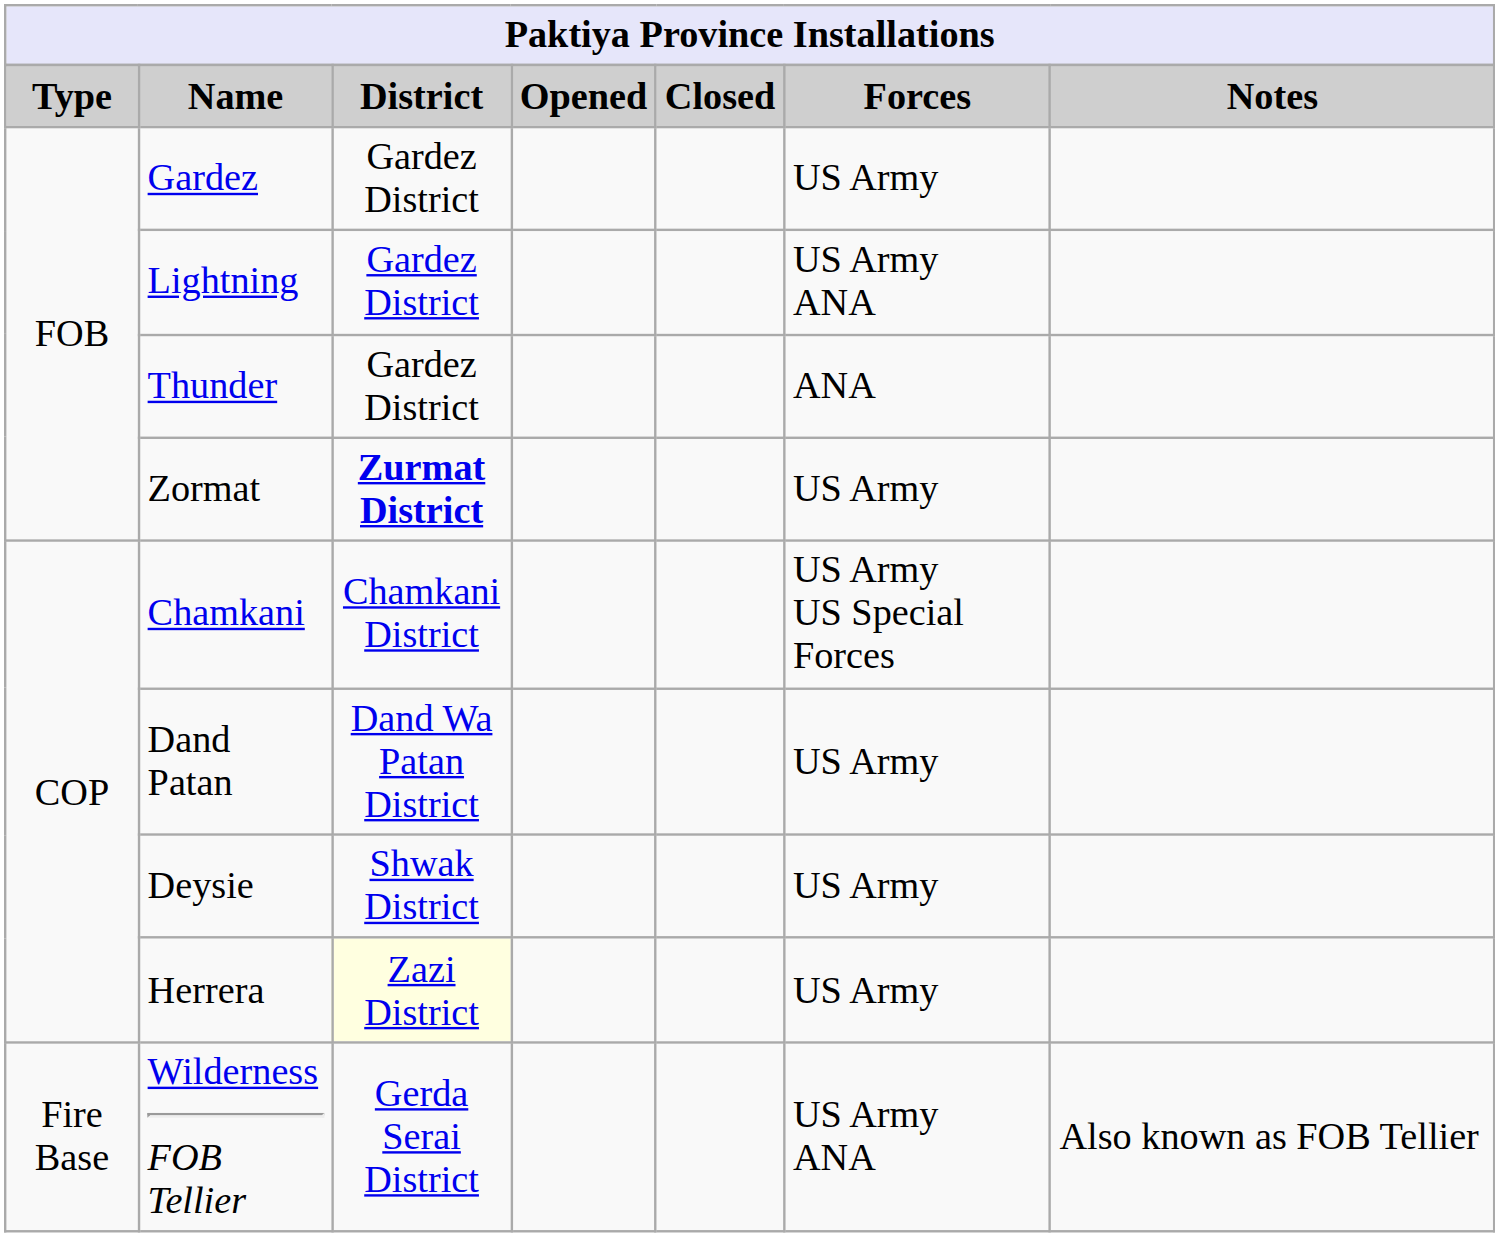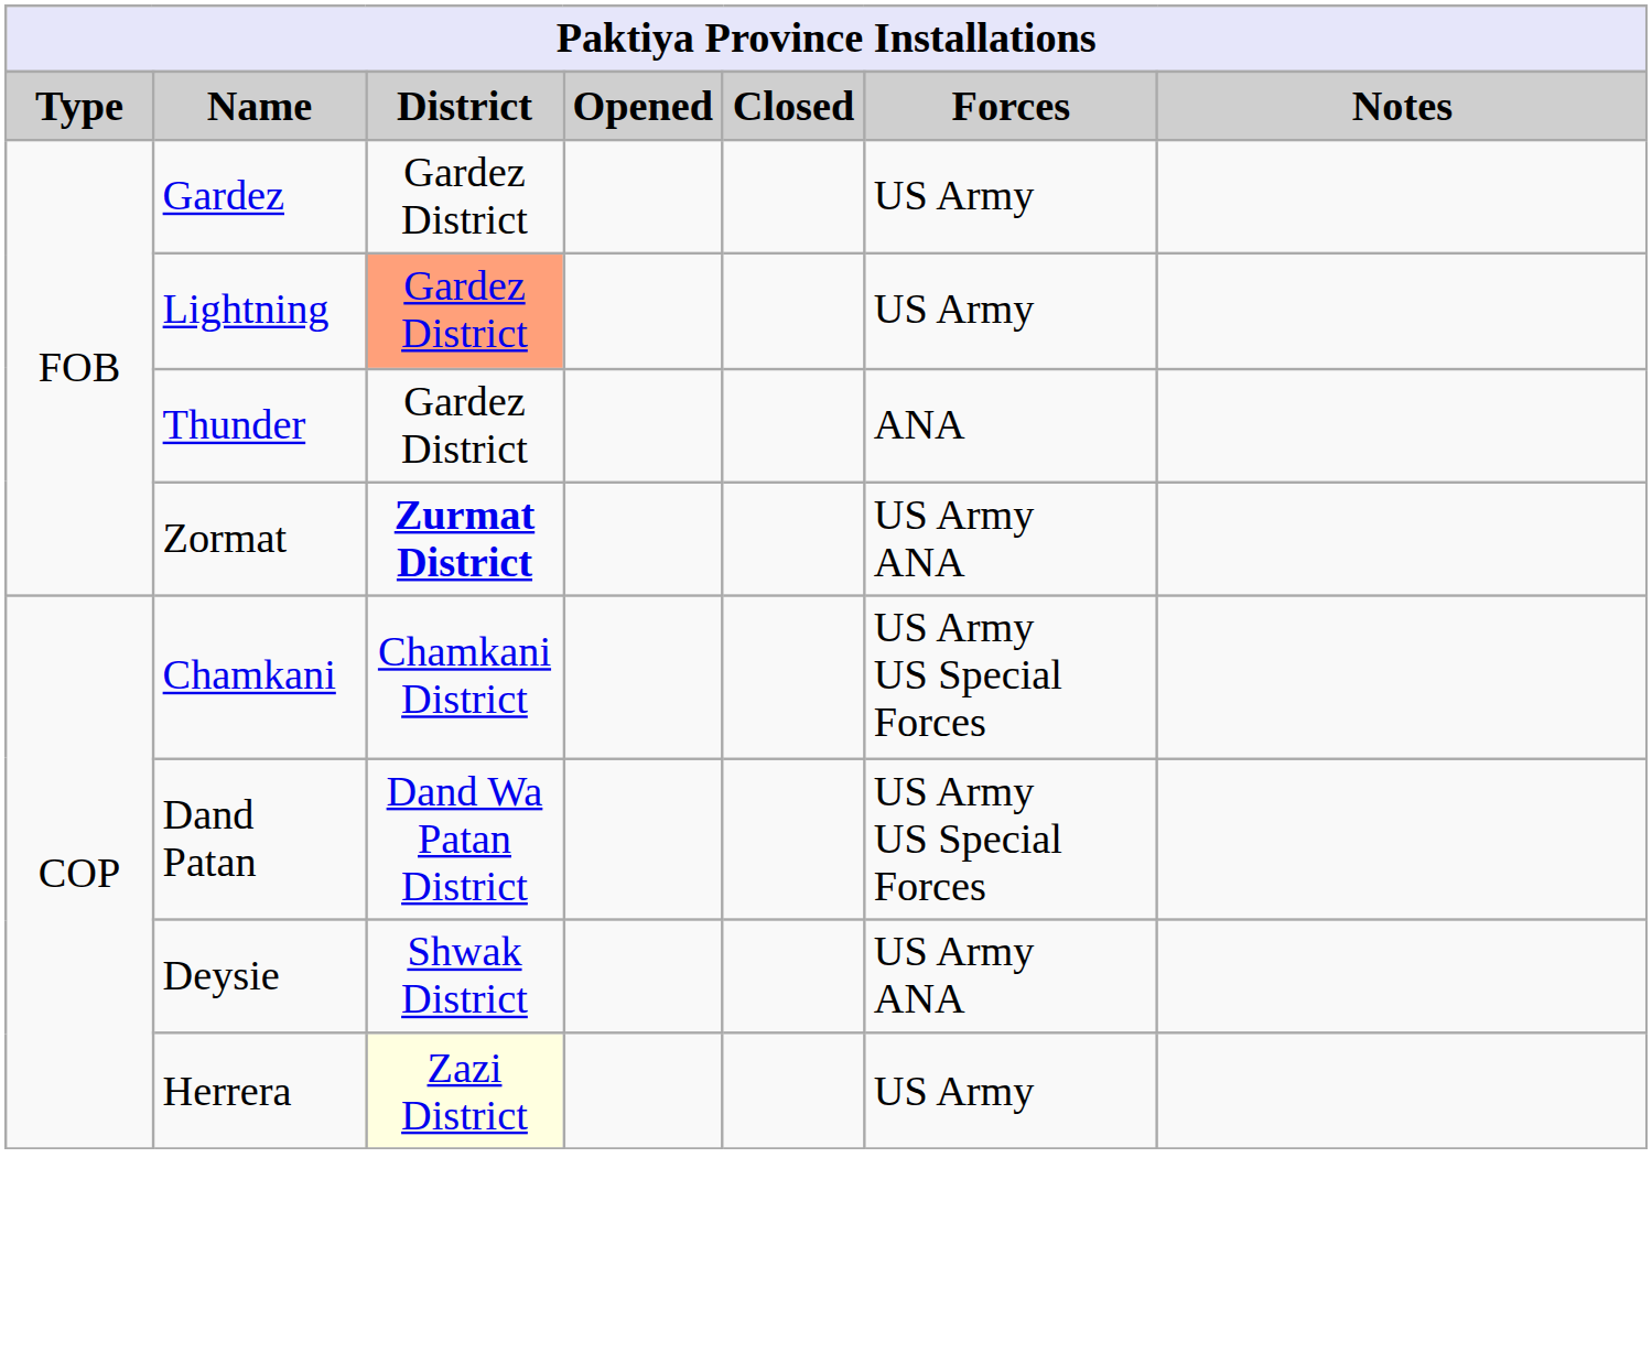 <table class="wikitable sortable" width="100%">
 <tr>
 <th style="align: center; background: lavender" colspan="7"><strong>Paktiya Province Installations</strong></th>
 </tr>
 <tr style="background:#efefef; color:black">
 </tr>
 <tr>
 <th style="background-color:#cfcfcf;" align="center" width="9%" align="center">Type</th>
 <th style="background-color:#cfcfcf;" align="center" width="13%">Name</th>
 <th style="background-color:#cfcfcf;" align="center" width="12%">District</th>
 <th style="background-color:#cfcfcf;" align="center" width="7%">Opened</th>
 <th style="background-color:#cfcfcf;" align="center" width="7%">Closed</th>
 <th style="background-color:#cfcfcf;" align="center" width="18%" class="unsortable">Forces</th>
 <th style="background-color:#cfcfcf;" align="center" width="30%" class="unsortable">Notes</th>
 </tr>
 <tr>
 <td rowspan="4" align="center">FOB</td>
 <td><a href='#'>Gardez</a></td>
 <td align="center">Gardez District</td>
 <td align="center"></td>
 <td align="center"></td>
 <td> US Army</td>
 <td></td>
 </tr>
 <tr>
 <td><a href='#'>Lightning</a></td>
-<td align="center"><a href='#'>Gardez District</a></td>
+<td align="center" style="background: lightsalmon;"><a href='#'>Gardez District</a></td>
 <td align="center"></td>
 <td align="center"></td>
-<td> US Army<br> ANA</td>
+<td> US Army</td>
 <td></td>
 </tr>
 <tr>
 <td><a href='#'>Thunder</a></td>
 <td align="center">Gardez District</td>
 <td align="center"></td>
 <td align="center"></td>
 <td> ANA</td>
 <td></td>
 </tr>
 <tr>
 <td>Zormat</td>
 <td align="center"><strong><a href='#'>Zurmat District</a></strong></td>
 <td align="center"></td>
 <td align="center"></td>
-<td> US Army</td>
+<td> US Army<br> ANA</td>
 <td></td>
 </tr>
 <tr>
 <td rowspan="4" align="center">COP</td>
 <td><a href='#'>Chamkani</a></td>
 <td align="center"><a href='#'>Chamkani District</a></td>
 <td align="center"></td>
 <td align="center"></td>
 <td> US Army<br> US Special Forces</td>
 <td></td>
 </tr>
 <tr>
 <td>Dand Patan</td>
 <td align="center"><a href='#'>Dand Wa Patan District</a></td>
 <td align="center"></td>
 <td align="center"></td>
-<td> US Army</td>
+<td> US Army<br> US Special Forces</td>
 <td></td>
 </tr>
 <tr>
 <td>Deysie</td>
 <td align="center"><a href='#'>Shwak District</a></td>
 <td align="center"></td>
 <td align="center"></td>
-<td> US Army</td>
+<td> US Army<br> ANA</td>
 <td><br></td>
 </tr>
 <tr>
 <td>Herrera</td>
 <td align="center" style="background: lightyellow;"><a href='#'>Zazi District</a></td>
 <td align="center"></td>
 <td align="center"></td>
 <td> US Army</td>
 <td></td>
 </tr>
-<tr>
-<td align="center">Fire Base</td>
-<td><a href='#'>Wilderness</a><hr><em>FOB Tellier</em></td>
-<td align="center"><a href='#'>Gerda Serai District</a></td>
-<td align="center"></td>
-<td align="center"></td>
-<td> US Army<br> ANA</td>
-<td>Also known as FOB Tellier<br></td>
-</tr>
 </table>
